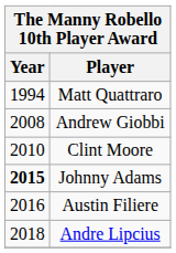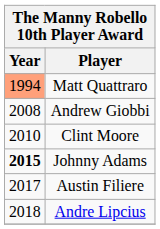 <table class="wikitable" style="display: inline-table; margin-right: 20px; text-align:center">
 <tr>
 <th scope="col" colspan="2" style="width: 145px;">The Manny Robello 10th Player Award</th>
 </tr>
 <tr>
 <th scope="col">Year</th>
 <th scope="col">Player</th>
 </tr>
 <tr>
-<td>1994</td>
+<td style="background: lightsalmon;">1994</td>
 <td>Matt Quattraro</td>
 </tr>
 <tr>
 <td>2008</td>
 <td>Andrew Giobbi</td>
 </tr>
 <tr>
 <td>2010</td>
 <td>Clint Moore</td>
 </tr>
 <tr>
 <td><strong>2015</strong></td>
 <td>Johnny Adams</td>
 </tr>
 <tr>
-<td>2016</td>
+<td>2017</td>
 <td>Austin Filiere</td>
 </tr>
 <tr>
 <td>2018</td>
 <td><a href='#'>Andre Lipcius</a></td>
 </tr>
 <tr>
 </tr>
 </table>
